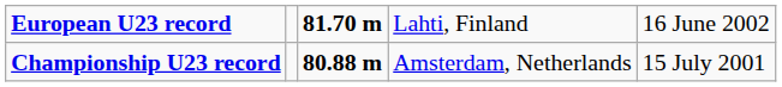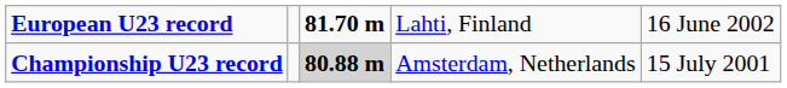 <table class="wikitable">
 <tr>
 <td><strong><a href='#'>European U23 record</a></strong></td>
 <td></td>
 <td><strong>81.70 m</strong></td>
 <td><a href='#'>Lahti</a>, Finland</td>
 <td>16 June 2002</td>
 </tr>
 <tr>
 <td><strong><a href='#'>Championship U23 record</a></strong></td>
 <td></td>
-<td><strong>80.88 m</strong></td>
+<td style="background: lightgrey;"><strong>80.88 m</strong></td>
 <td><a href='#'>Amsterdam</a>, Netherlands</td>
 <td>15 July 2001</td>
 </tr>
 </table>
